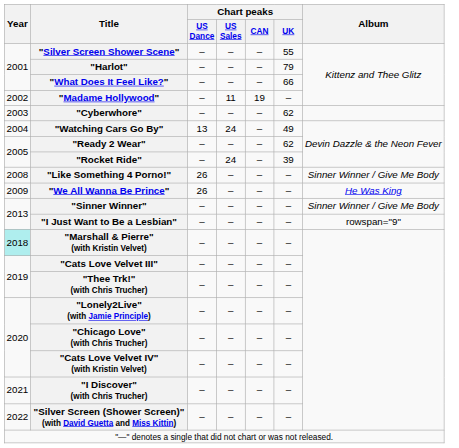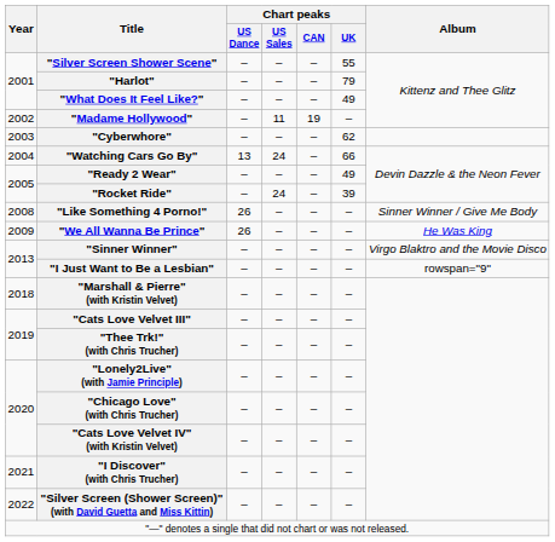 <table class="wikitable plainrowheaders" style="text-align:center;">
 <tr>
 <th rowspan="2">Year</th>
 <th style="width:250px;" rowspan="2">Title</th>
 <th colspan="4">Chart peaks</th>
 <th rowspan="2">Album</th>
 </tr>
 <tr style="line-height:1.2">
 <th style="width:3em;font-size:85%"><a href='#'>US Dance</a><br></th>
 <th style="width:3em;font-size:85%"><a href='#'>US Sales</a><br></th>
 <th style="width:3em;font-size:85%"><a href='#'>CAN</a><br></th>
 <th style="width:3em;font-size:85%"><a href='#'>UK</a><br></th>
 </tr>
 <tr>
 <td rowspan="3">2001</td>
 <th scope="row">"<a href='#'>Silver Screen Shower Scene</a>"</th>
 <td>–</td>
 <td>–</td>
 <td>–</td>
 <td>55</td>
 <td rowspan="4"><em>Kittenz and Thee Glitz</em></td>
 </tr>
 <tr>
 <th scope="row">"Harlot"</th>
 <td>–</td>
 <td>–</td>
 <td>–</td>
 <td>79</td>
 </tr>
 <tr>
 <th scope="row">"<a href='#'>What Does It Feel Like?</a>"</th>
 <td>–</td>
 <td>–</td>
 <td>–</td>
-<td>66</td>
+<td>49</td>
 </tr>
 <tr>
 <td>2002</td>
 <th scope="row">"<a href='#'>Madame Hollywood</a>"</th>
 <td>–</td>
 <td>11</td>
 <td>19</td>
 <td>–</td>
 </tr>
 <tr>
 <td>2003</td>
 <th scope="row">"Cyberwhore"</th>
 <td>–</td>
 <td>–</td>
 <td>–</td>
 <td>62</td>
 <td></td>
 </tr>
 <tr>
 <td>2004</td>
 <th scope="row">"Watching Cars Go By"</th>
 <td>13</td>
 <td>24</td>
 <td>–</td>
-<td>49</td>
+<td>66</td>
 <td rowspan="3"><em>Devin Dazzle & the Neon Fever</em></td>
 </tr>
 <tr>
 <td rowspan="2">2005</td>
 <th scope="row">"Ready 2 Wear"</th>
 <td>–</td>
 <td>–</td>
 <td>–</td>
-<td>62</td>
+<td>49</td>
 </tr>
 <tr>
 <th scope="row">"Rocket Ride"</th>
 <td>–</td>
 <td>24</td>
 <td>–</td>
 <td>39</td>
 </tr>
 <tr>
 <td>2008</td>
 <th scope="row">"Like Something 4 Porno!"</th>
 <td>26</td>
 <td>–</td>
 <td>–</td>
 <td>–</td>
 <td><em>Sinner Winner / Give Me Body</em></td>
 </tr>
 <tr>
 <td>2009</td>
 <th scope="row">"<a href='#'>We All Wanna Be Prince</a>"</th>
 <td>26</td>
 <td>–</td>
 <td>–</td>
 <td>–</td>
 <td><em><a href='#'>He Was King</a></em></td>
 </tr>
 <tr>
 <td rowspan="2">2013</td>
 <th scope="row">"Sinner Winner"</th>
 <td>–</td>
 <td>–</td>
 <td>–</td>
 <td>–</td>
-<td><em>Sinner Winner / Give Me Body</em></td>
+<td><em>Virgo Blaktro and the Movie Disco</em></td>
 </tr>
 <tr>
 <th scope="row">"I Just Want to Be a Lesbian"</th>
 <td>–</td>
 <td>–</td>
 <td>–</td>
 <td>–</td>
 <td>rowspan="9" </td>
 </tr>
 <tr>
-<td style="background: paleturquoise;">2018</td>
+<td>2018</td>
 <th scope="row">"Marshall & Pierre" <br><small>(with Kristin Velvet)</small></th>
 <td>–</td>
 <td>–</td>
 <td>–</td>
 <td>–</td>
 </tr>
 <tr>
 <td rowspan="2">2019</td>
 <th scope="row">"Cats Love Velvet III"</th>
 <td>–</td>
 <td>–</td>
 <td>–</td>
 <td>–</td>
 </tr>
 <tr>
 <th scope="row">"Thee Trk!" <br><small>(with Chris Trucher)</small></th>
 <td>–</td>
 <td>–</td>
 <td>–</td>
 <td>–</td>
 </tr>
 <tr>
 <td rowspan="3">2020</td>
 <th scope="row">"Lonely2Live" <br><small>(with <a href='#'>Jamie Principle</a>)</small></th>
 <td>–</td>
 <td>–</td>
 <td>–</td>
 <td>–</td>
 </tr>
 <tr>
 <th scope="row">"Chicago Love" <br><small>(with Chris Trucher)</small></th>
 <td>–</td>
 <td>–</td>
 <td>–</td>
 <td>–</td>
 </tr>
 <tr>
 <th scope="row">"Cats Love Velvet IV" <br><small>(with Kristin Velvet)</small></th>
 <td>–</td>
 <td>–</td>
 <td>–</td>
 <td>–</td>
 </tr>
 <tr>
 <td>2021</td>
 <th scope="row">"I Discover" <br><small>(with Chris Trucher)</small></th>
 <td>–</td>
 <td>–</td>
 <td>–</td>
 <td>–</td>
 </tr>
 <tr>
 <td>2022</td>
 <th scope="row">"Silver Screen (Shower Screen)" <br><small>(with <a href='#'>David Guetta</a> and <a href='#'>Miss Kittin</a>)</small></th>
 <td>–</td>
 <td>–</td>
 <td>–</td>
 <td>–</td>
 </tr>
 <tr>
 <td colspan="7" style="font-size:85%">"—" denotes a single that did not chart or was not released.</td>
 </tr>
 </table>
